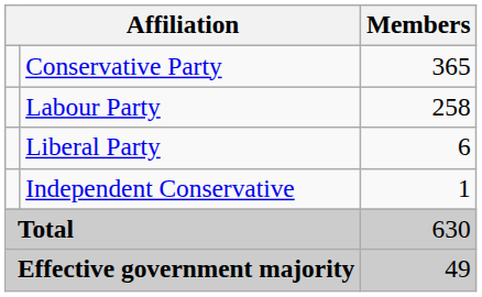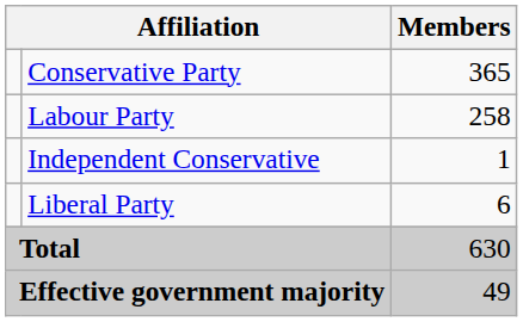 <table class="wikitable">
 <tr>
 <th colspan="2">Affiliation</th>
 <th>Members</th>
 </tr>
 <tr>
 <td style="color:inherit;background:"></td>
 <td><a href='#'>Conservative Party</a></td>
 <td align="right">365</td>
 </tr>
 <tr>
 <td style="color:inherit;background:"></td>
 <td><a href='#'>Labour Party</a></td>
 <td align="right">258</td>
 </tr>
 <tr>
 <td style="color:inherit;background:"></td>
-<td><a href='#'>Liberal Party</a></td>
-<td align="right">6</td>
+<td><a href='#'>Independent Conservative</a></td>
+<td align="right">1</td>
 </tr>
 <tr>
 <td style="color:inherit;background:"></td>
-<td><a href='#'>Independent Conservative</a></td>
-<td align="right">1</td>
+<td><a href='#'>Liberal Party</a></td>
+<td align="right">6</td>
 </tr>
 <tr bgcolor="CCCCCC">
 <td colspan="2" rowspan="1"> <strong>Total</strong></td>
 <td align="right">630</td>
 </tr>
 <tr bgcolor="CCCCCC">
 <td colspan="2" rowspan="1"> <strong>Effective government majority</strong></td>
 <td align="right">49</td>
 </tr>
 </table>
